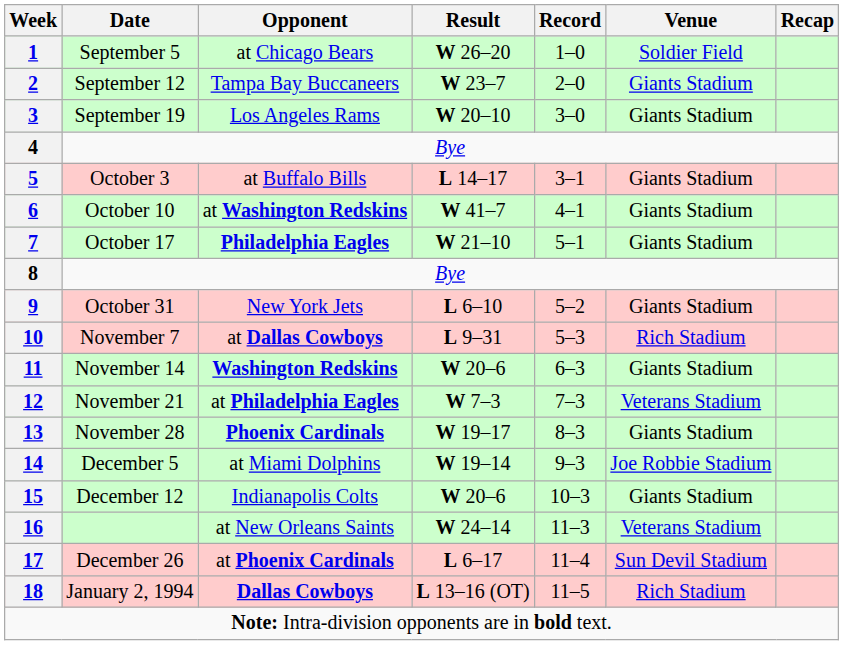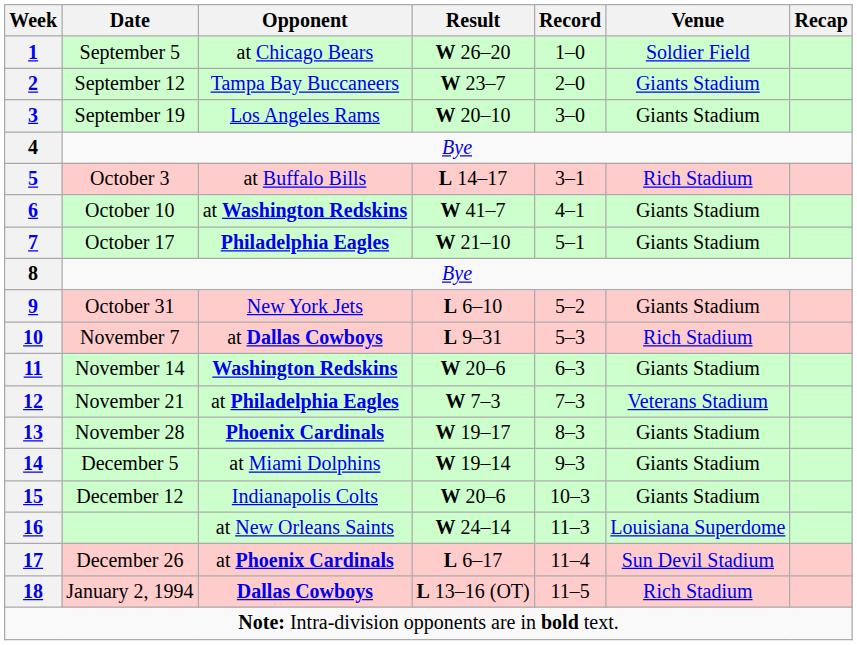 <table class="wikitable" style="text-align:center">
 <tr>
 <th>Week</th>
 <th>Date</th>
 <th>Opponent</th>
 <th>Result</th>
 <th>Record</th>
 <th>Venue</th>
 <th>Recap</th>
 </tr>
 <tr style="background:#cfc">
 <th><a href='#'>1</a></th>
 <td>September 5</td>
 <td>at <a href='#'>Chicago Bears</a></td>
 <td><strong>W</strong> 26–20</td>
 <td>1–0</td>
 <td><a href='#'>Soldier Field</a></td>
 <td></td>
 </tr>
 <tr style="background:#cfc">
 <th><a href='#'>2</a></th>
 <td>September 12</td>
 <td><a href='#'>Tampa Bay Buccaneers</a></td>
 <td><strong>W</strong> 23–7</td>
 <td>2–0</td>
 <td><a href='#'>Giants Stadium</a></td>
 <td></td>
 </tr>
 <tr style="background:#cfc">
 <th><a href='#'>3</a></th>
 <td>September 19</td>
 <td><a href='#'>Los Angeles Rams</a></td>
 <td><strong>W</strong> 20–10</td>
 <td>3–0</td>
 <td>Giants Stadium</td>
 <td></td>
 </tr>
 <tr>
 <th>4</th>
 <td colspan=6 align="center"><em><a href='#'>Bye</a></em></td>
 </tr>
 <tr style="background:#fcc">
 <th><a href='#'>5</a></th>
 <td>October 3</td>
 <td>at <a href='#'>Buffalo Bills</a></td>
 <td><strong>L</strong> 14–17</td>
 <td>3–1</td>
-<td>Giants Stadium</td>
+<td><a href='#'>Rich Stadium</a></td>
 <td></td>
 </tr>
 <tr style="background:#cfc">
 <th><a href='#'>6</a></th>
 <td>October 10</td>
 <td>at <strong><a href='#'>Washington Redskins</a></strong></td>
 <td><strong>W</strong> 41–7</td>
 <td>4–1</td>
 <td>Giants Stadium</td>
 <td></td>
 </tr>
 <tr style="background:#cfc">
 <th><a href='#'>7</a></th>
 <td>October 17</td>
 <td><strong><a href='#'>Philadelphia Eagles</a></strong></td>
 <td><strong>W</strong> 21–10</td>
 <td>5–1</td>
 <td>Giants Stadium</td>
 <td></td>
 </tr>
 <tr>
 <th>8</th>
 <td colspan=6 align="center"><em><a href='#'>Bye</a></em></td>
 </tr>
 <tr style="background:#fcc">
 <th><a href='#'>9</a></th>
 <td>October 31</td>
 <td><a href='#'>New York Jets</a></td>
 <td><strong>L</strong> 6–10</td>
 <td>5–2</td>
 <td>Giants Stadium</td>
 <td></td>
 </tr>
 <tr style="background:#fcc">
 <th><a href='#'>10</a></th>
 <td>November 7</td>
 <td>at <strong><a href='#'>Dallas Cowboys</a></strong></td>
 <td><strong>L</strong> 9–31</td>
 <td>5–3</td>
 <td><a href='#'>Rich Stadium</a></td>
 <td></td>
 </tr>
 <tr style="background:#cfc">
 <th><a href='#'>11</a></th>
 <td>November 14</td>
 <td><strong><a href='#'>Washington Redskins</a></strong></td>
 <td><strong>W</strong> 20–6</td>
 <td>6–3</td>
 <td>Giants Stadium</td>
 <td></td>
 </tr>
 <tr style="background:#cfc">
 <th><a href='#'>12</a></th>
 <td>November 21</td>
 <td>at <strong><a href='#'>Philadelphia Eagles</a></strong></td>
 <td><strong>W</strong> 7–3</td>
 <td>7–3</td>
 <td><a href='#'>Veterans Stadium</a></td>
 <td></td>
 </tr>
 <tr style="background:#cfc">
 <th><a href='#'>13</a></th>
 <td>November 28</td>
 <td><strong><a href='#'>Phoenix Cardinals</a></strong></td>
 <td><strong>W</strong> 19–17</td>
 <td>8–3</td>
 <td>Giants Stadium</td>
 <td></td>
 </tr>
 <tr style="background:#cfc">
 <th><a href='#'>14</a></th>
 <td>December 5</td>
 <td>at <a href='#'>Miami Dolphins</a></td>
 <td><strong>W</strong> 19–14</td>
 <td>9–3</td>
-<td><a href='#'>Joe Robbie Stadium</a></td>
+<td>Giants Stadium</td>
 <td></td>
 </tr>
 <tr style="background:#cfc">
 <th><a href='#'>15</a></th>
 <td>December 12</td>
 <td><a href='#'>Indianapolis Colts</a></td>
 <td><strong>W</strong> 20–6</td>
 <td>10–3</td>
 <td>Giants Stadium</td>
 <td></td>
 </tr>
 <tr style="background:#cfc">
 <th><a href='#'>16</a></th>
 <td></td>
 <td>at <a href='#'>New Orleans Saints</a></td>
 <td><strong>W</strong> 24–14</td>
 <td>11–3</td>
-<td><a href='#'>Veterans Stadium</a></td>
+<td><a href='#'>Louisiana Superdome</a></td>
 <td></td>
 </tr>
 <tr style="background:#fcc">
 <th><a href='#'>17</a></th>
 <td>December 26</td>
 <td>at <strong><a href='#'>Phoenix Cardinals</a></strong></td>
 <td><strong>L</strong> 6–17</td>
 <td>11–4</td>
 <td><a href='#'>Sun Devil Stadium</a></td>
 <td></td>
 </tr>
 <tr style="background:#fcc">
 <th><a href='#'>18</a></th>
 <td>January 2, 1994</td>
 <td><strong><a href='#'>Dallas Cowboys</a></strong></td>
 <td><strong>L</strong> 13–16 (OT)</td>
 <td>11–5</td>
 <td><a href='#'>Rich Stadium</a></td>
 <td></td>
 </tr>
 <tr>
 <td colspan="8"><strong>Note:</strong> Intra-division opponents are in <strong>bold</strong> text.</td>
 </tr>
 </table>
